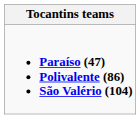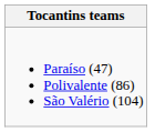 <table class="wikitable">
 <tr>
 <th>Tocantins teams</th>
 </tr>
 <tr>
-<td><strong><br><ul><li> <a href='#'>Paraíso</a> (47)</li><li> <a href='#'>Polivalente</a> (86)</li><li> <a href='#'>São Valério</a> (104)</li></ul></strong></td>
+<td><br><ul><li> <a href='#'>Paraíso</a> (47)</li><li> <a href='#'>Polivalente</a> (86)</li><li> <a href='#'>São Valério</a> (104)</li></ul></td>
 </tr>
 </table>
